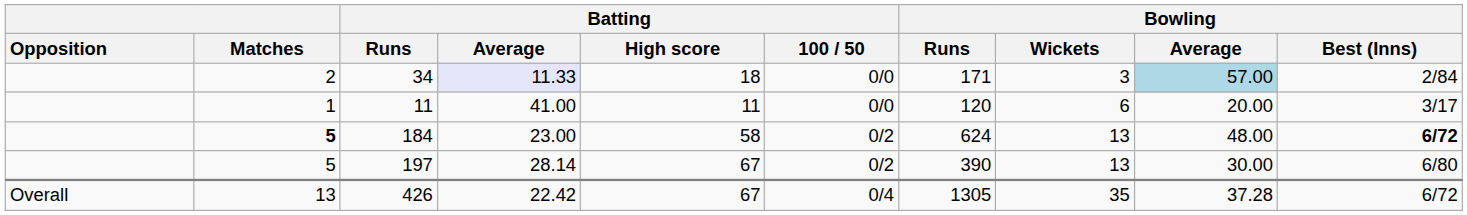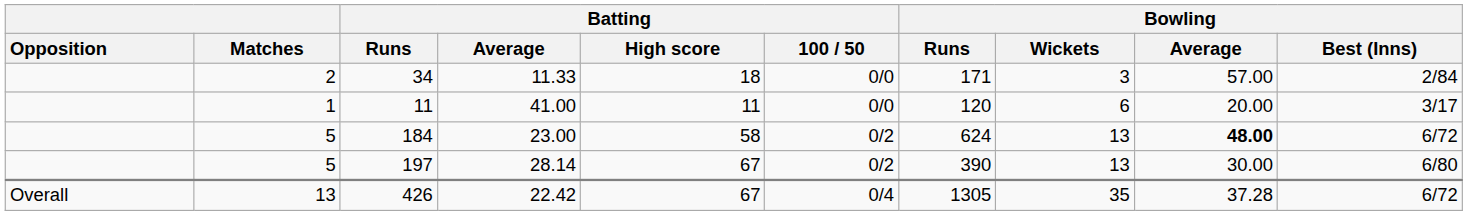 <table class="wikitable" style="margin:1em auto 1em auto; width:80%;">
 <tr>
 <th colspan=2> </th>
 <th colspan=4>Batting</th>
 <th colspan=4>Bowling</th>
 </tr>
 <tr>
 <th style="text-align:left;">Opposition</th>
 <th>Matches</th>
 <th>Runs</th>
 <th>Average</th>
 <th>High score</th>
 <th>100 / 50</th>
 <th>Runs</th>
 <th>Wickets</th>
 <th>Average</th>
 <th>Best (Inns)</th>
 </tr>
 <tr style="text-align:right;">
 <td style="text-align:left;"></td>
 <td>2</td>
 <td>34</td>
-<td style="background: lavender;">11.33</td>
+<td>11.33</td>
 <td>18</td>
 <td>0/0</td>
 <td>171</td>
 <td>3</td>
-<td style="background: lightblue;">57.00</td>
+<td>57.00</td>
 <td>2/84</td>
 </tr>
 <tr style="text-align:right;">
 <td style="text-align:left;"></td>
 <td>1</td>
 <td>11</td>
 <td>41.00</td>
 <td>11</td>
 <td>0/0</td>
 <td>120</td>
 <td>6</td>
 <td>20.00</td>
 <td>3/17</td>
 </tr>
 <tr style="text-align:right;">
 <td style="text-align:left;"></td>
-<td><strong>5</strong></td>
+<td>5</td>
 <td>184</td>
 <td>23.00</td>
 <td>58</td>
 <td>0/2</td>
 <td>624</td>
 <td>13</td>
-<td>48.00</td>
-<td><strong>6/72</strong></td>
+<td><strong>48.00</strong></td>
+<td>6/72</td>
 </tr>
 <tr style="text-align:right;">
 <td style="text-align:left;"></td>
 <td>5</td>
 <td>197</td>
 <td>28.14</td>
 <td>67</td>
 <td>0/2</td>
 <td>390</td>
 <td>13</td>
 <td>30.00</td>
 <td>6/80</td>
 </tr>
 <tr style="text-align:right; border-top:solid 2px gray;">
 <td style="text-align:left;">Overall</td>
 <td>13</td>
 <td>426</td>
 <td>22.42</td>
 <td>67</td>
 <td>0/4</td>
 <td>1305</td>
 <td>35</td>
 <td>37.28</td>
 <td>6/72</td>
 </tr>
 </table>
